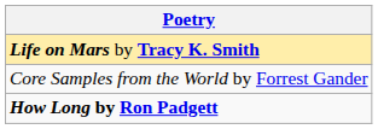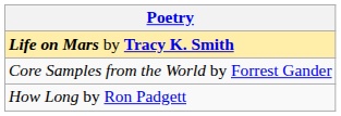 <table class="wikitable" style="float:left; float:none;">
 <tr>
 <th><a href='#'>Poetry</a></th>
 </tr>
 <tr>
 <td style="background:#fea;"><strong><em>Life on Mars</em></strong> by <strong><a href='#'>Tracy K. Smith</a></strong></td>
 </tr>
 <tr>
 <td><em>Core Samples from the World</em> by <a href='#'>Forrest Gander</a></td>
 </tr>
 <tr>
-<td><strong><em>How Long</em> by <a href='#'>Ron Padgett</a></strong></td>
+<td><em>How Long</em> by <a href='#'>Ron Padgett</a></td>
 </tr>
 </table>
